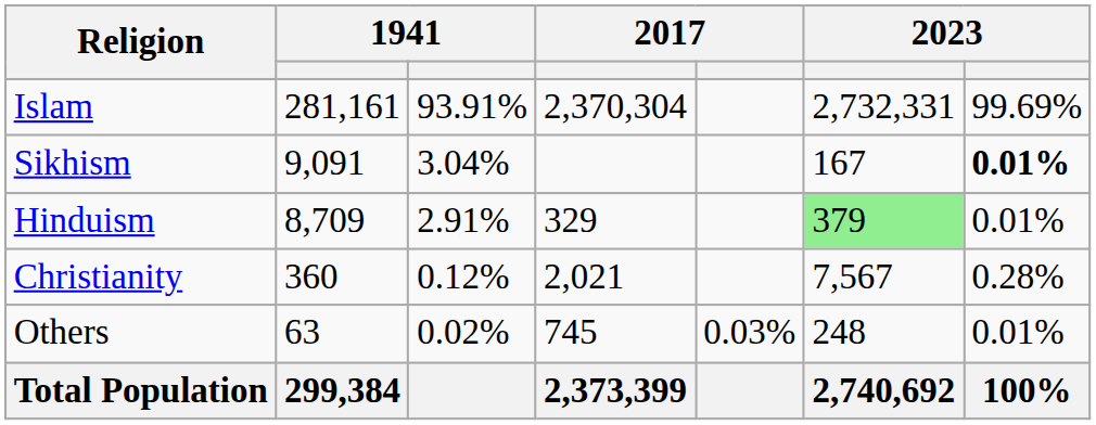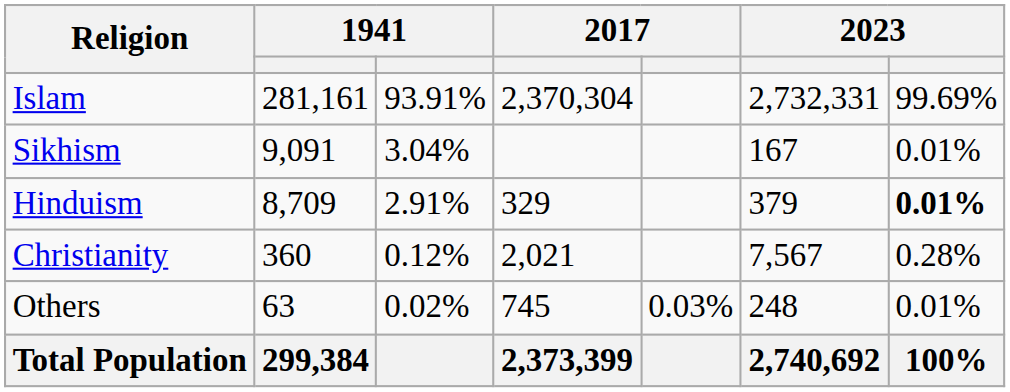 <table class="wikitable sortable">
 <tr>
 <th rowspan="2">Religion</th>
 <th colspan="2">1941</th>
 <th colspan="2">2017</th>
 <th colspan="2">2023</th>
 </tr>
 <tr>
 <th></th>
 <th></th>
 <th></th>
 <th></th>
 <th></th>
 <th></th>
 </tr>
 <tr>
 <td><a href='#'>Islam</a> </td>
 <td>281,161</td>
 <td>93.91%</td>
 <td>2,370,304</td>
 <td></td>
 <td>2,732,331</td>
 <td>99.69%</td>
 </tr>
 <tr>
 <td><a href='#'>Sikhism</a> </td>
 <td>9,091</td>
 <td>3.04%</td>
 <td></td>
 <td></td>
 <td>167</td>
-<td><strong>0.01%</strong></td>
+<td>0.01%</td>
 </tr>
 <tr>
 <td><a href='#'>Hinduism</a> </td>
 <td>8,709</td>
 <td>2.91%</td>
 <td>329</td>
 <td></td>
-<td style="background: lightgreen;">379</td>
-<td>0.01%</td>
+<td>379</td>
+<td><strong>0.01%</strong></td>
 </tr>
 <tr>
 <td><a href='#'>Christianity</a> </td>
 <td>360</td>
 <td>0.12%</td>
 <td>2,021</td>
 <td></td>
 <td>7,567</td>
 <td>0.28%</td>
 </tr>
 <tr>
 <td>Others</td>
 <td>63</td>
 <td>0.02%</td>
 <td>745</td>
 <td>0.03%</td>
 <td>248</td>
 <td>0.01%</td>
 </tr>
 <tr>
 <th>Total Population</th>
 <th>299,384</th>
 <th></th>
 <th>2,373,399</th>
 <th></th>
 <th>2,740,692</th>
 <th>100%</th>
 </tr>
 </table>
